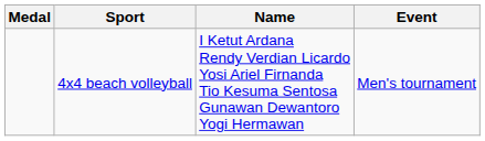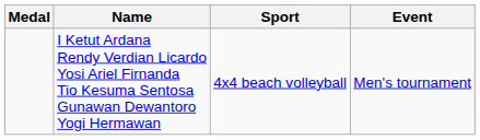 <table class="wikitable sortable" style="font-size: 95%;">
 <tr>
 <th>Medal</th>
+<th>Name</th>
 <th>Sport</th>
-<th>Name</th>
 <th>Event</th>
 </tr>
 <tr>
 <td></td>
+<td><a href='#'>I Ketut Ardana</a><br><a href='#'>Rendy Verdian Licardo</a><br><a href='#'>Yosi Ariel Firnanda</a><br><a href='#'>Tio Kesuma Sentosa</a><br><a href='#'>Gunawan Dewantoro</a><br><a href='#'>Yogi Hermawan</a></td>
 <td><a href='#'>4x4 beach volleyball</a></td>
-<td><a href='#'>I Ketut Ardana</a><br><a href='#'>Rendy Verdian Licardo</a><br><a href='#'>Yosi Ariel Firnanda</a><br><a href='#'>Tio Kesuma Sentosa</a><br><a href='#'>Gunawan Dewantoro</a><br><a href='#'>Yogi Hermawan</a></td>
 <td><a href='#'>Men's tournament</a></td>
 </tr>
 </table>
